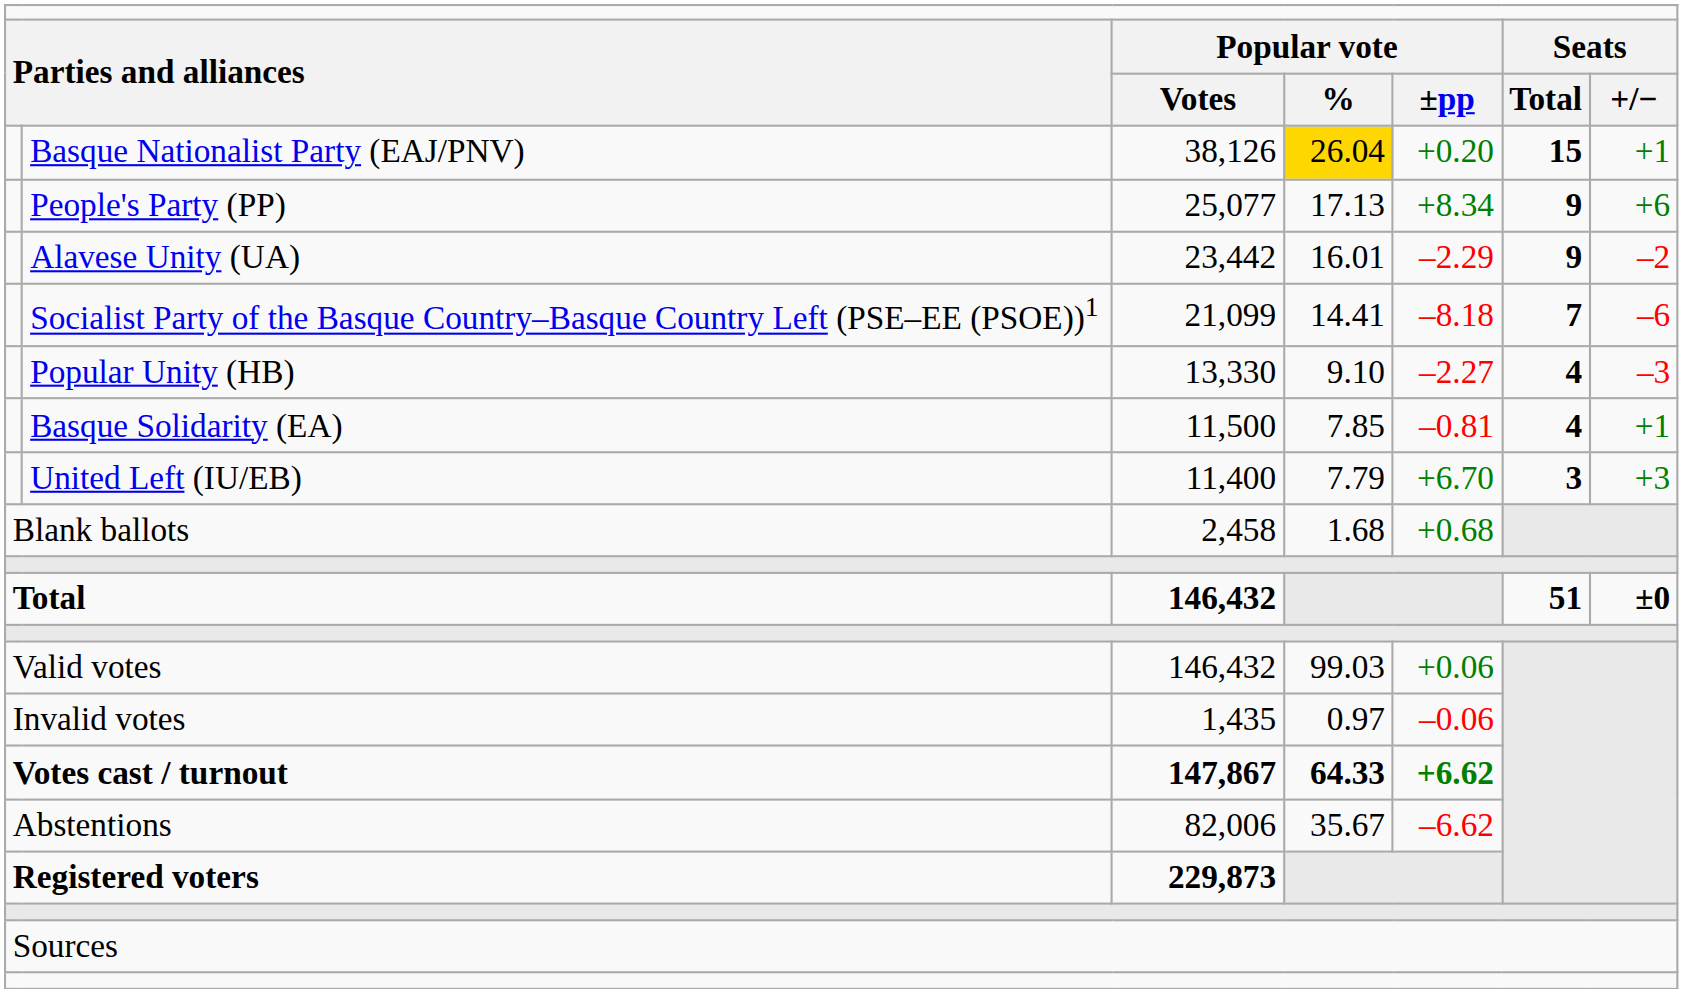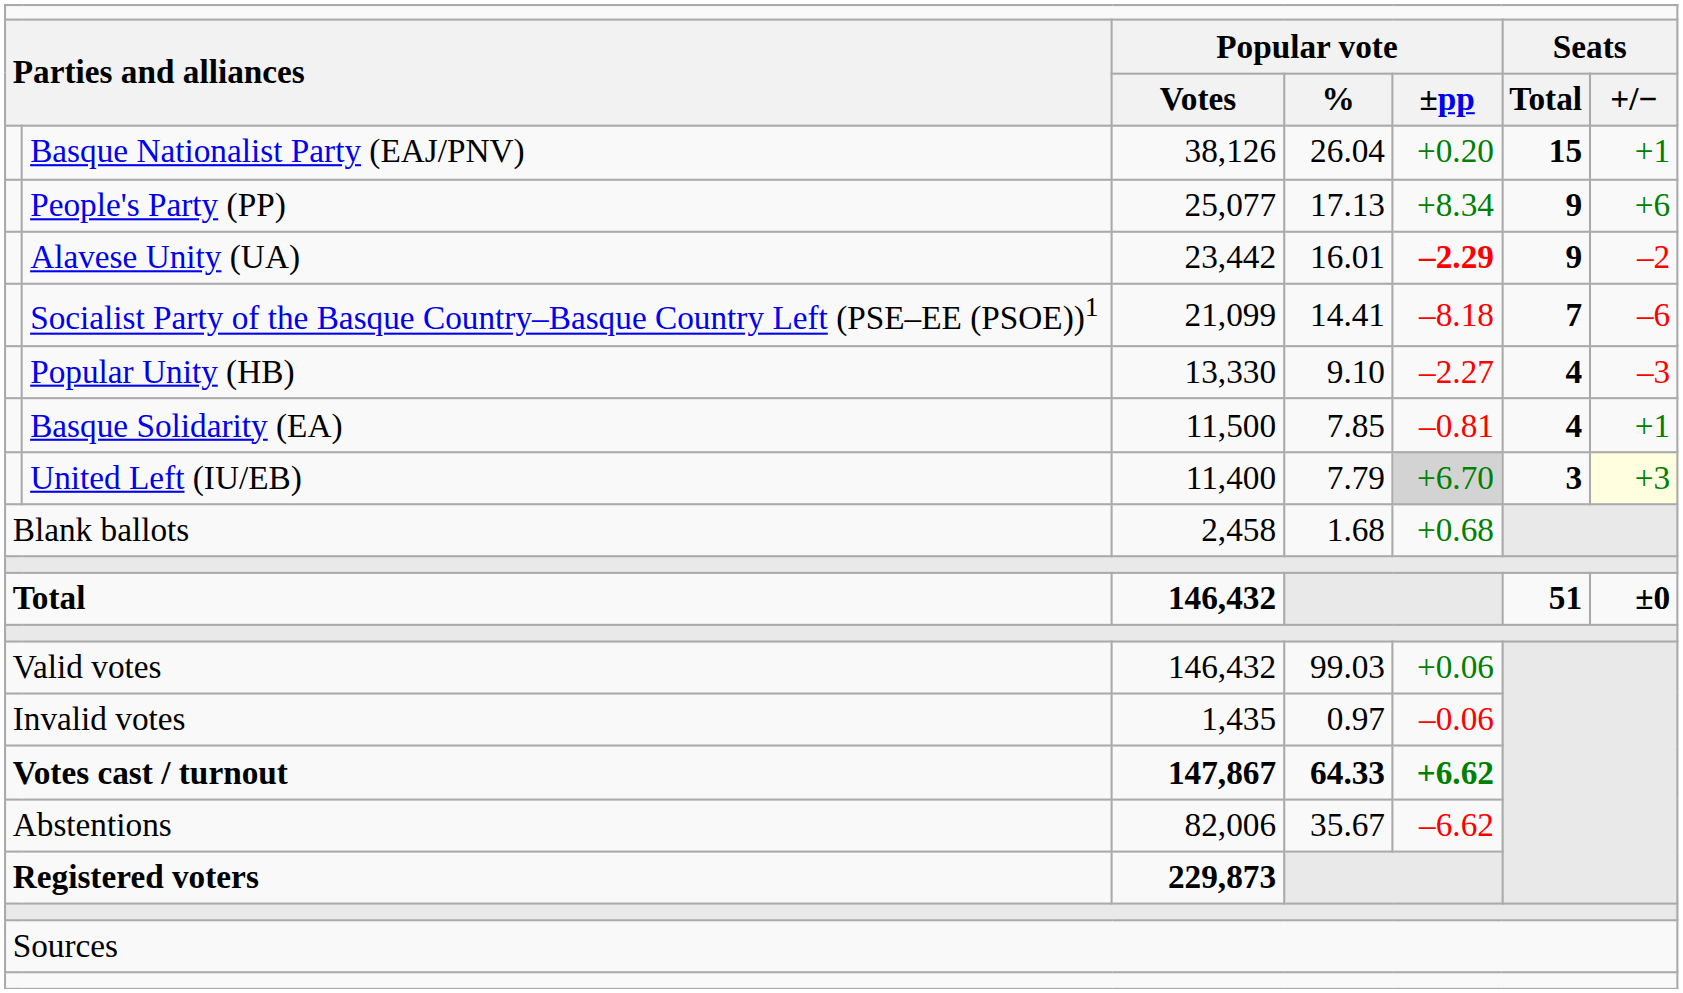 <table class="wikitable" style="text-align:right;">
 <tr>
 <td colspan="7"></td>
 </tr>
 <tr>
 <th style="text-align:left;" rowspan="2" colspan="2" width="525">Parties and alliances</th>
 <th colspan="3">Popular vote</th>
 <th colspan="2">Seats</th>
 </tr>
 <tr>
 <th width="75">Votes</th>
 <th width="45">%</th>
 <th width="45">±<a href='#'>pp</a></th>
 <th width="35">Total</th>
 <th width="35">+/−</th>
 </tr>
 <tr>
 <td width="1" style="color:inherit;background:"></td>
 <td align="left"><a href='#'>Basque Nationalist Party</a> (EAJ/PNV)</td>
 <td>38,126</td>
-<td style="background: gold;">26.04</td>
+<td>26.04</td>
 <td style="color:green;">+0.20</td>
 <td><strong>15</strong></td>
 <td style="color:green;">+1</td>
 </tr>
 <tr>
 <td style="color:inherit;background:"></td>
 <td align="left"><a href='#'>People's Party</a> (PP)</td>
 <td>25,077</td>
 <td>17.13</td>
 <td style="color:green;">+8.34</td>
 <td><strong>9</strong></td>
 <td style="color:green;">+6</td>
 </tr>
 <tr>
 <td style="color:inherit;background:"></td>
 <td align="left"><a href='#'>Alavese Unity</a> (UA)</td>
 <td>23,442</td>
 <td>16.01</td>
-<td style="color:red;">–2.29</td>
+<td style="color:red;"><strong>–2.29</strong></td>
 <td><strong>9</strong></td>
 <td style="color:red;">–2</td>
 </tr>
 <tr>
 <td style="color:inherit;background:"></td>
 <td align="left"><a href='#'>Socialist Party of the Basque Country–Basque Country Left</a> (PSE–EE (PSOE))<sup>1</sup></td>
 <td>21,099</td>
 <td>14.41</td>
 <td style="color:red;">–8.18</td>
 <td><strong>7</strong></td>
 <td style="color:red;">–6</td>
 </tr>
 <tr>
 <td style="color:inherit;background:"></td>
 <td align="left"><a href='#'>Popular Unity</a> (HB)</td>
 <td>13,330</td>
 <td>9.10</td>
 <td style="color:red;">–2.27</td>
 <td><strong>4</strong></td>
 <td style="color:red;">–3</td>
 </tr>
 <tr>
 <td style="color:inherit;background:"></td>
 <td align="left"><a href='#'>Basque Solidarity</a> (EA)</td>
 <td>11,500</td>
 <td>7.85</td>
 <td style="color:red;">–0.81</td>
 <td><strong>4</strong></td>
 <td style="color:green;">+1</td>
 </tr>
 <tr>
 <td style="color:inherit;background:"></td>
 <td align="left"><a href='#'>United Left</a> (IU/EB)</td>
 <td>11,400</td>
 <td>7.79</td>
-<td style="color:green;">+6.70</td>
+<td style="background: lightgrey; color:green;">+6.70</td>
 <td><strong>3</strong></td>
-<td style="color:green;">+3</td>
+<td style="background: lightyellow; color:green;">+3</td>
 </tr>
 <tr>
 <td align="left" colspan="2">Blank ballots</td>
 <td>2,458</td>
 <td>1.68</td>
 <td style="color:green;">+0.68</td>
 <td bgcolor="#E9E9E9" colspan="2"></td>
 </tr>
 <tr>
 <td colspan="7" bgcolor="#E9E9E9"></td>
 </tr>
 <tr style="font-weight:bold;">
 <td align="left" colspan="2">Total</td>
 <td>146,432</td>
 <td bgcolor="#E9E9E9" colspan="2"></td>
 <td>51</td>
 <td>±0</td>
 </tr>
 <tr>
 <td colspan="7" bgcolor="#E9E9E9"></td>
 </tr>
 <tr>
 <td align="left" colspan="2">Valid votes</td>
 <td>146,432</td>
 <td>99.03</td>
 <td style="color:green;">+0.06</td>
 <td bgcolor="#E9E9E9" colspan="2" rowspan="5"></td>
 </tr>
 <tr>
 <td align="left" colspan="2">Invalid votes</td>
 <td>1,435</td>
 <td>0.97</td>
 <td style="color:red;">–0.06</td>
 </tr>
 <tr style="font-weight:bold;">
 <td align="left" colspan="2">Votes cast / turnout</td>
 <td>147,867</td>
 <td>64.33</td>
 <td style="color:green;">+6.62</td>
 </tr>
 <tr>
 <td align="left" colspan="2">Abstentions</td>
 <td>82,006</td>
 <td>35.67</td>
 <td style="color:red;">–6.62</td>
 </tr>
 <tr style="font-weight:bold;">
 <td align="left" colspan="2">Registered voters</td>
 <td>229,873</td>
 <td bgcolor="#E9E9E9" colspan="2"></td>
 </tr>
 <tr>
 <td colspan="7" bgcolor="#E9E9E9"></td>
 </tr>
 <tr>
 <td align="left" colspan="7">Sources</td>
 </tr>
 <tr>
 <td colspan="7" style="text-align:left; max-width:790px;"></td>
 </tr>
 </table>
